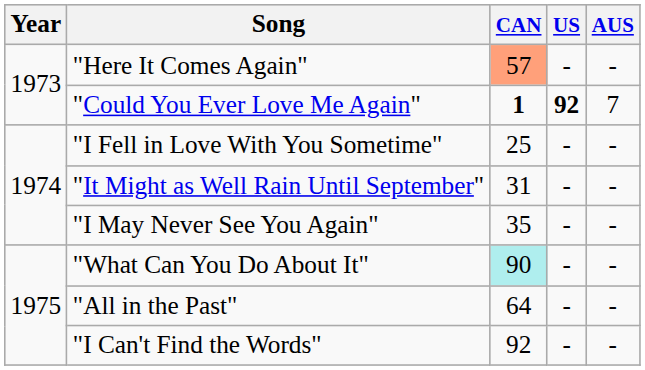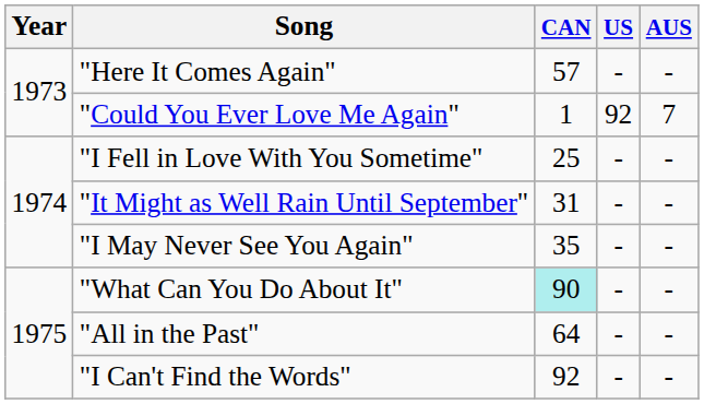 <table class="wikitable">
 <tr>
 <th>Year</th>
 <th>Song</th>
 <th><small><a href='#'>CAN</a></small></th>
 <th><small><a href='#'>US</a></small></th>
 <th><small><a href='#'>AUS</a></small></th>
 </tr>
 <tr>
 <td rowspan="2">1973</td>
 <td>"Here It Comes Again"</td>
-<td align="center" style="background: lightsalmon;">57<br></td>
+<td align="center">57<br></td>
 <td align="center">-</td>
 <td align="center">-</td>
 </tr>
 <tr>
 <td>"<a href='#'>Could You Ever Love Me Again</a>"</td>
-<td align="center"><strong>1<br></strong></td>
-<td align="center"><strong>92</strong></td>
+<td align="center">1<br></td>
+<td align="center">92</td>
 <td align="center">7</td>
 </tr>
 <tr>
 <td rowspan="3">1974</td>
 <td>"I Fell in Love With You Sometime"</td>
 <td align="center">25<br></td>
 <td align="center">-</td>
 <td align="center">-</td>
 </tr>
 <tr>
 <td>"<a href='#'>It Might as Well Rain Until September</a>"</td>
 <td align="center">31<br></td>
 <td align="center">-</td>
 <td align="center">-</td>
 </tr>
 <tr>
 <td>"I May Never See You Again"</td>
 <td align="center">35<br></td>
 <td align="center">-</td>
 <td align="center">-</td>
 </tr>
 <tr>
 <td rowspan="3">1975</td>
 <td>"What Can You Do About It"</td>
 <td align="center" style="background: paleturquoise;">90<br></td>
 <td align="center">-</td>
 <td align="center">-</td>
 </tr>
 <tr>
 <td>"All in the Past"</td>
 <td align="center">64<br></td>
 <td align="center">-</td>
 <td align="center">-</td>
 </tr>
 <tr>
 <td>"I Can't Find the Words"</td>
 <td align="center">92<br></td>
 <td align="center">-</td>
 <td align="center">-</td>
 </tr>
 </table>
